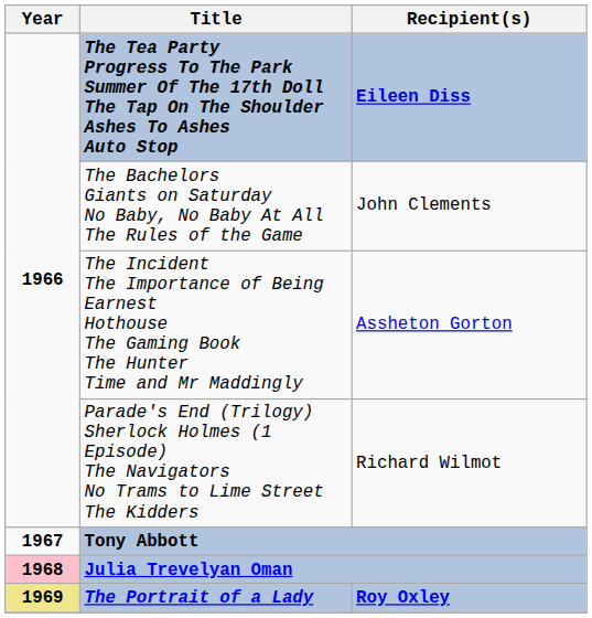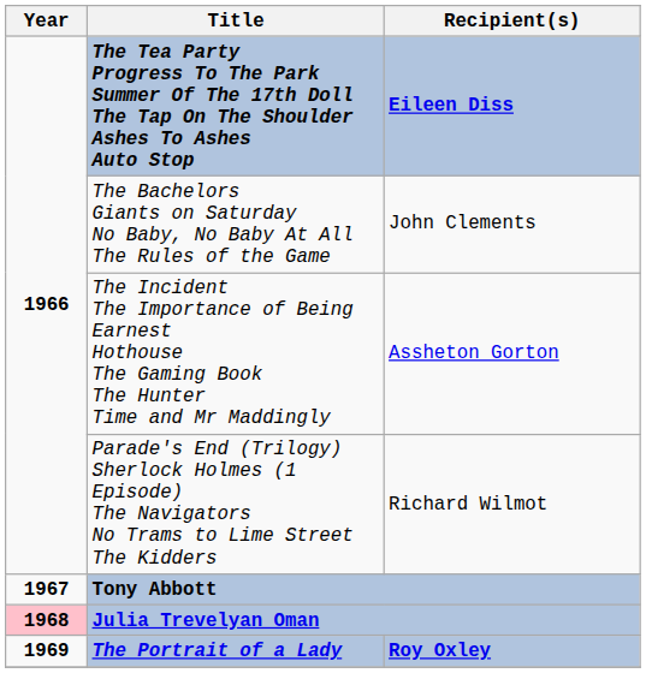 <table class="wikitable" width="70%">
 <tr>
 <th width=5%>Year</th>
 <th width=25%><strong>Title</strong></th>
 <th width=20%><strong>Recipient(s)</strong></th>
 </tr>
 <tr>
 <td rowspan="4" style="text-align:center;"><strong>1966</strong></td>
 <td style="background:#B0C4DE;"><strong><em>The Tea Party<br>Progress To The Park<br>Summer Of The 17th Doll<br>The Tap On The Shoulder<br>Ashes To Ashes<br>Auto Stop</em></strong></td>
 <td style="background:#B0C4DE;"><strong><a href='#'>Eileen Diss</a></strong></td>
 </tr>
 <tr>
 <td><em>The Bachelors<br>Giants on Saturday<br>No Baby, No Baby At All<br>The Rules of the Game</em></td>
 <td>John Clements</td>
 </tr>
 <tr>
 <td><em>The Incident<br>The Importance of Being Earnest<br>Hothouse<br>The Gaming Book<br>The Hunter<br>Time and Mr Maddingly</em></td>
 <td><a href='#'>Assheton Gorton</a></td>
 </tr>
 <tr>
 <td><em>Parade's End (Trilogy)<br>Sherlock Holmes (1 Episode)<br>The Navigators<br>No Trams to Lime Street<br>The Kidders</em></td>
 <td>Richard Wilmot</td>
 </tr>
 <tr>
 <td style="text-align:center;"><strong>1967</strong></td>
 <td colspan="2" style="background:#B0C4DE;"><strong>Tony Abbott</strong></td>
 </tr>
 <tr>
 <td style="background: pink; text-align:center;"><strong>1968</strong></td>
 <td colspan="2" style="background:#B0C4DE;"><strong><a href='#'>Julia Trevelyan Oman</a></strong></td>
 </tr>
 <tr>
-<td style="background: khaki; text-align:center;"><strong>1969</strong></td>
+<td style="text-align:center;"><strong>1969</strong></td>
 <td style="background:#B0C4DE;"><strong><em><a href='#'>The Portrait of a Lady</a></em></strong></td>
 <td style="background:#B0C4DE;"><strong><a href='#'>Roy Oxley</a></strong></td>
 </tr>
 <tr>
 </tr>
 </table>
